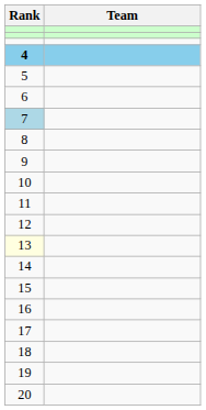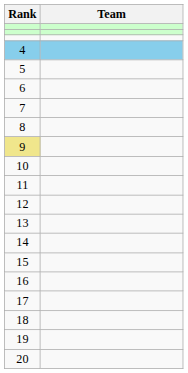 <table class="wikitable" style="text-align:center">
 <tr>
 <th width=40>Rank</th>
 <th width=180>Team</th>
 </tr>
 <tr bgcolor=#ccffcc>
 <td></td>
 <td style="text-align:left"></td>
 </tr>
 <tr bgcolor=#ccffcc>
 <td></td>
 <td style="text-align:left"></td>
 </tr>
 <tr>
 <td></td>
 <td style="text-align:left"></td>
 </tr>
 <tr bgcolor=#87ceeb>
-<td><strong>4</strong></td>
+<td>4</td>
 <td style="text-align:left"></td>
 </tr>
 <tr>
 <td>5</td>
 <td style="text-align:left"></td>
 </tr>
 <tr>
 <td>6</td>
 <td style="text-align:left"></td>
 </tr>
 <tr>
-<td style="background: lightblue;">7</td>
+<td>7</td>
 <td style="text-align:left"></td>
 </tr>
 <tr>
 <td>8</td>
 <td style="text-align:left"></td>
 </tr>
 <tr>
-<td>9</td>
+<td style="background: khaki;">9</td>
 <td style="text-align:left"></td>
 </tr>
 <tr>
 <td>10</td>
 <td style="text-align:left"></td>
 </tr>
 <tr>
 <td>11</td>
 <td style="text-align:left"></td>
 </tr>
 <tr>
 <td>12</td>
 <td style="text-align:left"></td>
 </tr>
 <tr>
-<td style="background: lightyellow;">13</td>
+<td>13</td>
 <td style="text-align:left"></td>
 </tr>
 <tr>
 <td>14</td>
 <td style="text-align:left"></td>
 </tr>
 <tr>
 <td>15</td>
 <td style="text-align:left"></td>
 </tr>
 <tr>
 <td>16</td>
 <td style="text-align:left"></td>
 </tr>
 <tr>
 <td>17</td>
 <td style="text-align:left"></td>
 </tr>
 <tr>
 <td>18</td>
 <td style="text-align:left"></td>
 </tr>
 <tr>
 <td>19</td>
 <td style="text-align:left"></td>
 </tr>
 <tr>
 <td>20</td>
 <td style="text-align:left"></td>
 </tr>
 </table>
